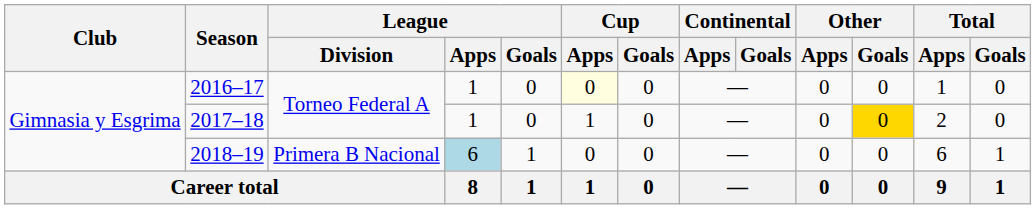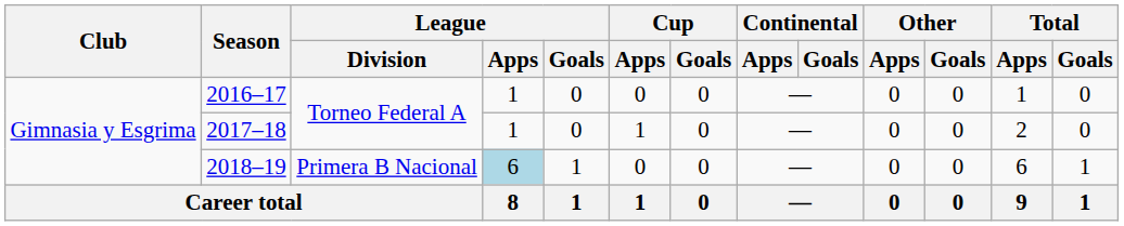 <table class="wikitable" style="text-align:center">
 <tr>
 <th rowspan="2">Club</th>
 <th rowspan="2">Season</th>
 <th colspan="3">League</th>
 <th colspan="2">Cup</th>
 <th colspan="2">Continental</th>
 <th colspan="2">Other</th>
 <th colspan="2">Total</th>
 </tr>
 <tr>
 <th>Division</th>
 <th>Apps</th>
 <th>Goals</th>
 <th>Apps</th>
 <th>Goals</th>
 <th>Apps</th>
 <th>Goals</th>
 <th>Apps</th>
 <th>Goals</th>
 <th>Apps</th>
 <th>Goals</th>
 </tr>
 <tr>
 <td rowspan="3"><a href='#'>Gimnasia y Esgrima</a></td>
 <td><a href='#'>2016–17</a></td>
 <td rowspan="2"><a href='#'>Torneo Federal A</a></td>
 <td>1</td>
 <td>0</td>
-<td style="background: lightyellow;">0</td>
+<td>0</td>
 <td>0</td>
 <td colspan="2">—</td>
 <td>0</td>
 <td>0</td>
 <td>1</td>
 <td>0</td>
 </tr>
 <tr>
 <td><a href='#'>2017–18</a></td>
 <td>1</td>
 <td>0</td>
 <td>1</td>
 <td>0</td>
 <td colspan="2">—</td>
 <td>0</td>
-<td style="background: gold;">0</td>
+<td>0</td>
 <td>2</td>
 <td>0</td>
 </tr>
 <tr>
 <td><a href='#'>2018–19</a></td>
 <td rowspan="1"><a href='#'>Primera B Nacional</a></td>
 <td style="background: lightblue;">6</td>
 <td>1</td>
 <td>0</td>
 <td>0</td>
 <td colspan="2">—</td>
 <td>0</td>
 <td>0</td>
 <td>6</td>
 <td>1</td>
 </tr>
 <tr>
 <th colspan="3">Career total</th>
 <th>8</th>
 <th>1</th>
 <th>1</th>
 <th>0</th>
 <th colspan="2">—</th>
 <th>0</th>
 <th>0</th>
 <th>9</th>
 <th>1</th>
 </tr>
 </table>
